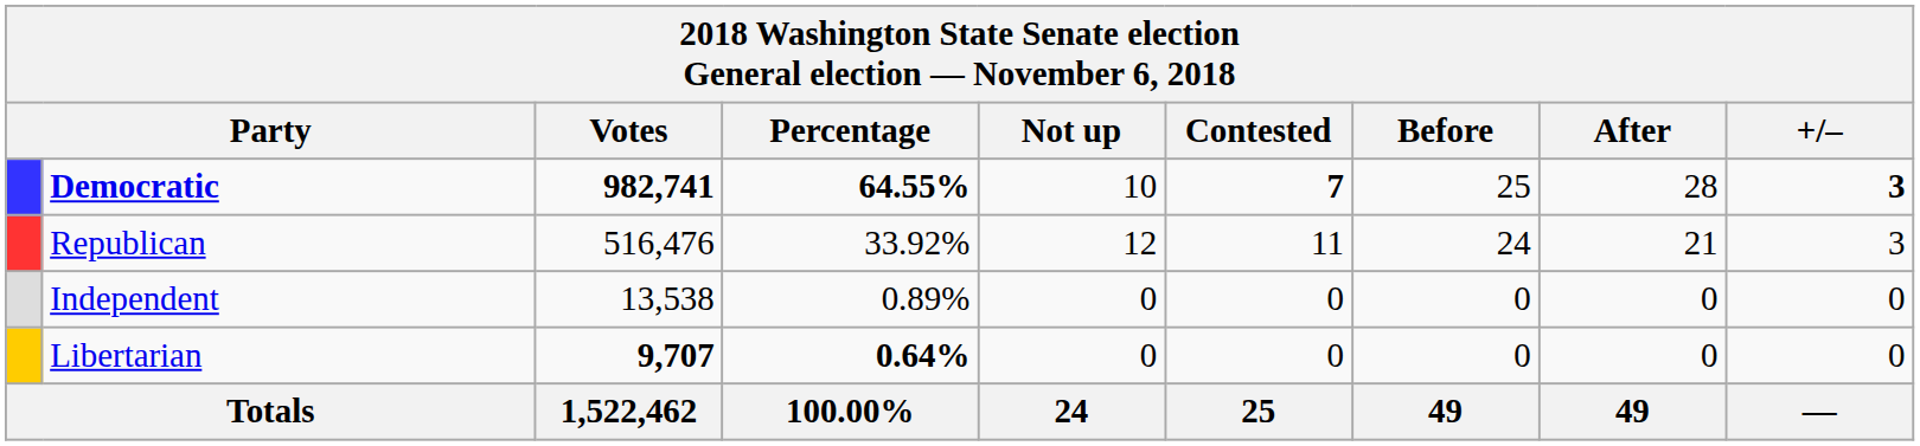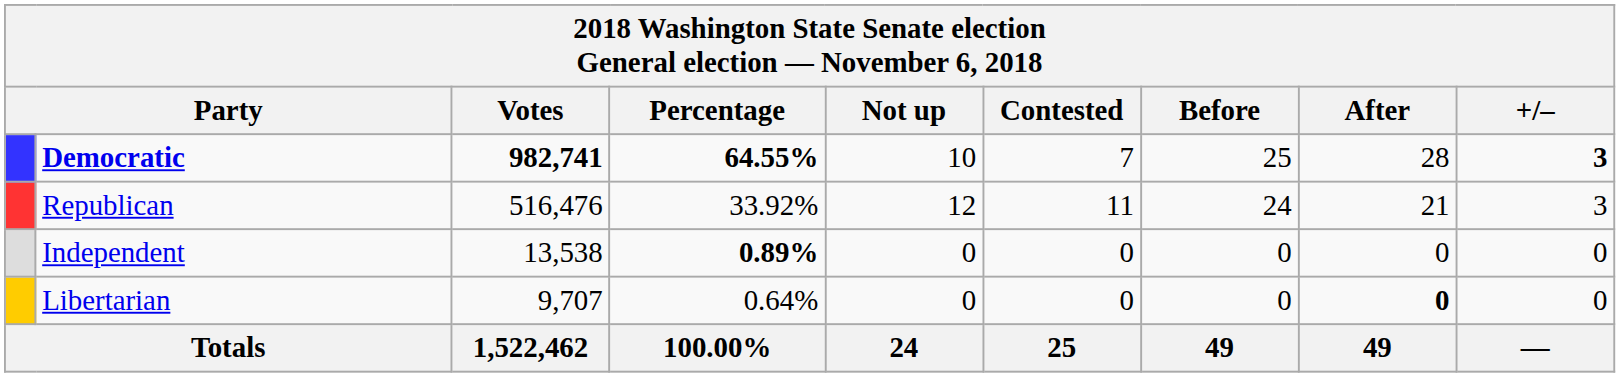 <table class="wikitable" style="font-size: 95%;">
 <tr>
 <th colspan="9">2018 Washington State Senate election<br>General election — November 6, 2018</th>
 </tr>
 <tr>
 <th colspan="2" style="width: 15em">Party</th>
 <th style="width: 5em">Votes</th>
 <th style="width: 7em">Percentage</th>
 <th style="width: 5em">Not up</th>
 <th style="width: 5em">Contested</th>
 <th style="width: 5em">Before</th>
 <th style="width: 5em">After</th>
 <th style="width: 5em">+/–</th>
 </tr>
 <tr>
 <th style="background-color:#3333FF; width: 3px"></th>
 <td style="width: 130px"><strong><a href='#'>Democratic</a></strong></td>
 <td align="right"><strong>982,741</strong></td>
 <td align="right"><strong>64.55%</strong></td>
 <td align="right">10</td>
-<td align="right"><strong>7</strong></td>
+<td align="right">7</td>
 <td align="right">25</td>
 <td align="right">28</td>
 <td align="right"><strong> 3</strong></td>
 </tr>
 <tr>
 <th style="background-color:#FF3333; width: 3px"></th>
 <td style="width: 130px"><a href='#'>Republican</a></td>
 <td align="right">516,476</td>
 <td align="right">33.92%</td>
 <td align="right">12</td>
 <td align="right">11</td>
 <td align="right">24</td>
 <td align="right">21</td>
 <td align="right"> 3</td>
 </tr>
 <tr>
 <th style="background-color:#DDDDDD; width: 3px"></th>
 <td style="width: 130px"><a href='#'>Independent</a></td>
 <td align="right">13,538</td>
-<td align="right">0.89%</td>
+<td align="right"><strong>0.89%</strong></td>
 <td align="right">0</td>
 <td align="right">0</td>
 <td align="right">0</td>
 <td align="right">0</td>
 <td align="right">0</td>
 </tr>
 <tr>
 <th style="background-color:#FFCC00; width: 3px"></th>
 <td style="width: 130px"><a href='#'>Libertarian</a></td>
-<td align="right"><strong>9,707</strong></td>
-<td align="right"><strong>0.64%</strong></td>
+<td align="right">9,707</td>
+<td align="right">0.64%</td>
 <td align="right">0</td>
 <td align="right">0</td>
 <td align="right">0</td>
-<td align="right">0</td>
+<td align="right"><strong>0</strong></td>
 <td align="right">0</td>
 </tr>
 <tr bgcolor="#EEEEEE">
 <th colspan="2" align="right">Totals</th>
 <th align="right">1,522,462</th>
 <th align="right">100.00%</th>
 <th align="right">24</th>
 <th align="right">25</th>
 <th align="right">49</th>
 <th align="right">49</th>
 <th align="right">—</th>
 </tr>
 </table>
